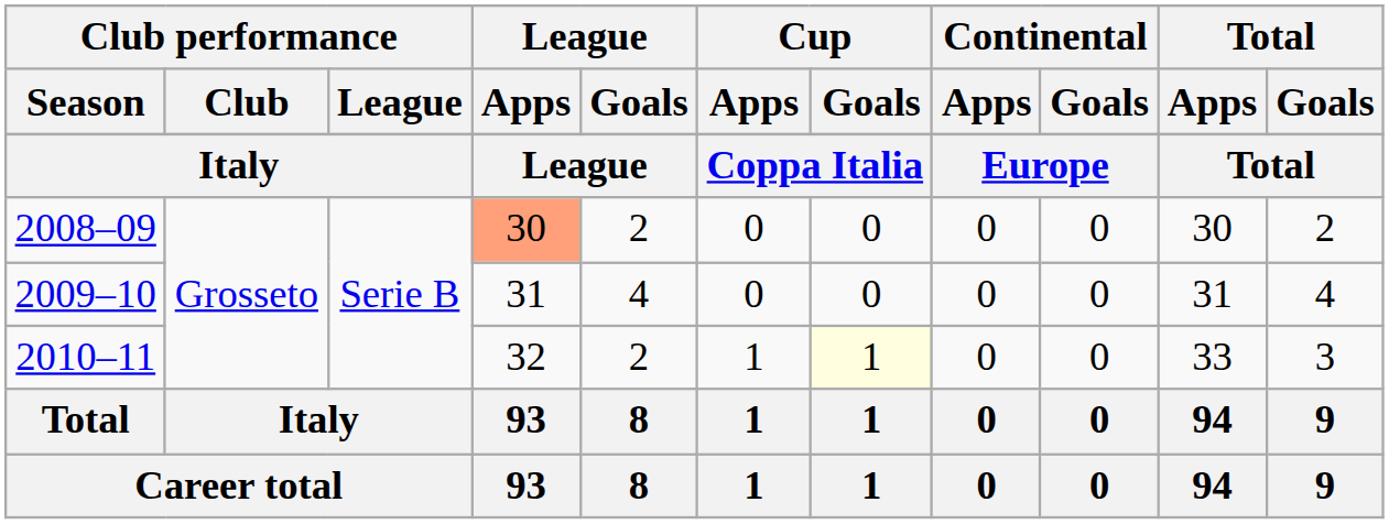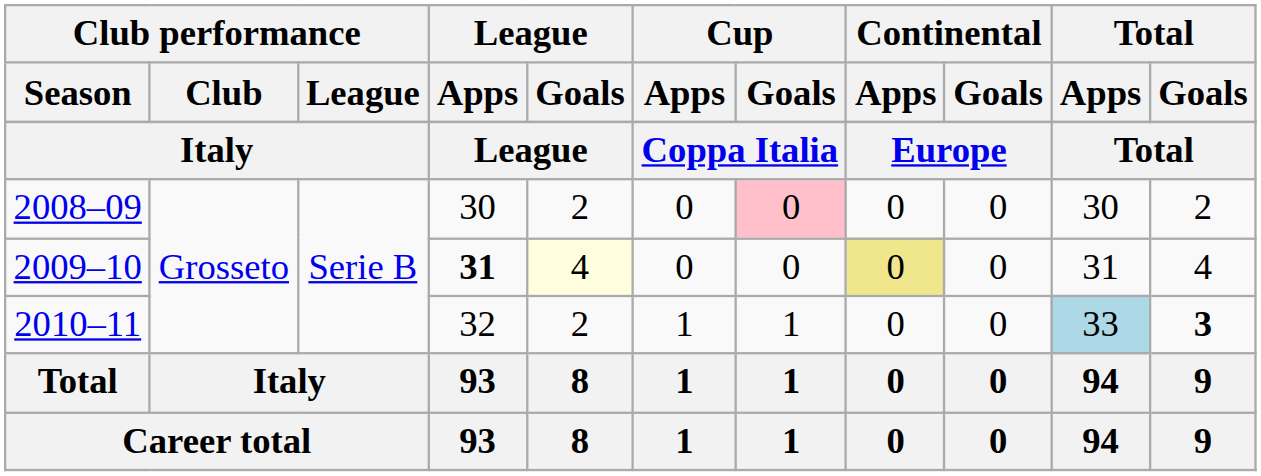 <table class="wikitable" style="text-align:center">
 <tr>
 <th colspan=3>Club performance</th>
 <th colspan=2>League</th>
 <th colspan=2>Cup</th>
 <th colspan=2>Continental</th>
 <th colspan=2>Total</th>
 </tr>
 <tr>
 <th>Season</th>
 <th>Club</th>
 <th>League</th>
 <th>Apps</th>
 <th>Goals</th>
 <th>Apps</th>
 <th>Goals</th>
 <th>Apps</th>
 <th>Goals</th>
 <th>Apps</th>
 <th>Goals</th>
 </tr>
 <tr>
 </tr>
 <tr>
 <th colspan=3>Italy</th>
 <th colspan=2>League</th>
 <th colspan=2><a href='#'>Coppa Italia</a></th>
 <th colspan=2><a href='#'>Europe</a></th>
 <th colspan=2>Total</th>
 </tr>
 <tr>
 <td><a href='#'>2008–09</a></td>
 <td rowspan="3"><a href='#'>Grosseto</a></td>
 <td rowspan="3"><a href='#'>Serie B</a></td>
-<td style="background: lightsalmon;">30</td>
+<td>30</td>
 <td>2</td>
 <td>0</td>
-<td>0</td>
+<td style="background: pink;">0</td>
 <td>0</td>
 <td>0</td>
 <td>30</td>
 <td>2</td>
 </tr>
 <tr>
 <td><a href='#'>2009–10</a></td>
-<td>31</td>
-<td>4</td>
+<td><strong>31</strong></td>
+<td style="background: lightyellow;">4</td>
 <td>0</td>
 <td>0</td>
-<td>0</td>
+<td style="background: khaki;">0</td>
 <td>0</td>
 <td>31</td>
 <td>4</td>
 </tr>
 <tr>
 <td><a href='#'>2010–11</a></td>
 <td>32</td>
 <td>2</td>
 <td>1</td>
-<td style="background: lightyellow;">1</td>
+<td>1</td>
 <td>0</td>
 <td>0</td>
-<td>33</td>
-<td>3</td>
+<td style="background: lightblue;">33</td>
+<td><strong>3</strong></td>
 </tr>
 <tr>
 <th rowspan=1>Total</th>
 <th colspan=2>Italy</th>
 <th><strong>93</strong></th>
 <th><strong>8</strong></th>
 <th><strong>1</strong></th>
 <th><strong>1</strong></th>
 <th><strong>0</strong></th>
 <th><strong>0</strong></th>
 <th><strong>94</strong></th>
 <th><strong>9</strong></th>
 </tr>
 <tr>
 <th colspan=3>Career total</th>
 <th>93</th>
 <th>8</th>
 <th>1</th>
 <th>1</th>
 <th>0</th>
 <th>0</th>
 <th>94</th>
 <th>9</th>
 </tr>
 </table>
